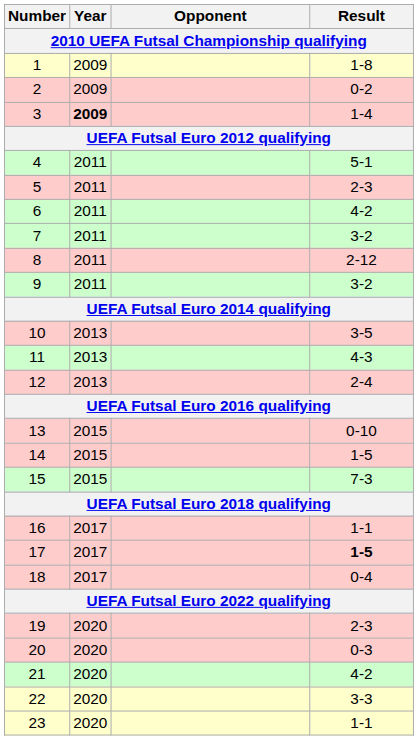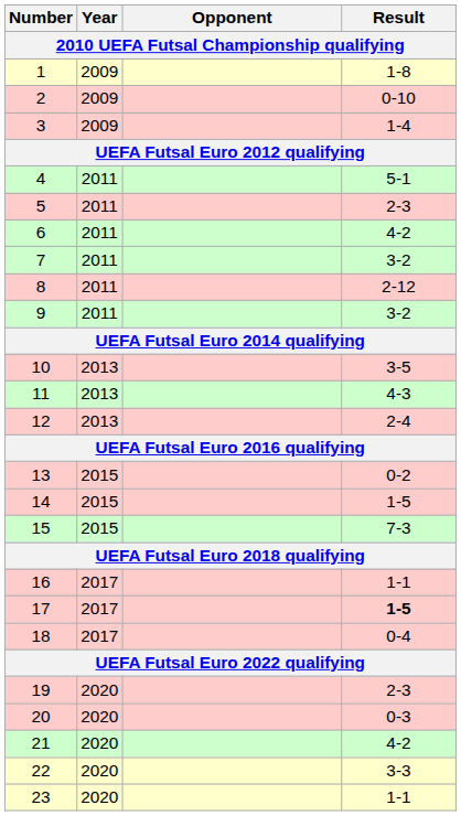 <table class="wikitable">
 <tr>
 <th width=30>Number</th>
 <th width=30>Year</th>
 <th width=200>Opponent</th>
 <th width=100>Result</th>
 </tr>
 <tr style="background:#9acdff;">
 <th colspan=4><a href='#'>2010 UEFA Futsal Championship qualifying</a></th>
 </tr>
 <tr bgcolor=#FFFFCC>
 <td align=center>1</td>
 <td align=center>2009</td>
 <td></td>
 <td align=center>1-8</td>
 </tr>
 <tr bgcolor=#FFCCCC>
 <td align=center>2</td>
 <td align=center>2009</td>
 <td></td>
-<td align=center>0-2</td>
+<td align=center>0-10</td>
 </tr>
 <tr bgcolor=#FFCCCC>
 <td align=center>3</td>
-<td align=center><strong>2009</strong></td>
+<td align=center>2009</td>
 <td></td>
 <td align=center>1-4</td>
 </tr>
 <tr style="background:#9acdff;">
 <th colspan=4><a href='#'>UEFA Futsal Euro 2012 qualifying</a></th>
 </tr>
 <tr bgcolor=#CCFFCC>
 <td align=center>4</td>
 <td align=center>2011</td>
 <td></td>
 <td align=center>5-1</td>
 </tr>
 <tr bgcolor=#FFCCCC>
 <td align=center>5</td>
 <td align=center>2011</td>
 <td></td>
 <td align=center>2-3</td>
 </tr>
 <tr bgcolor=#CCFFCC>
 <td align=center>6</td>
 <td align=center>2011</td>
 <td></td>
 <td align=center>4-2</td>
 </tr>
 <tr bgcolor=#CCFFCC>
 <td align=center>7</td>
 <td align=center>2011</td>
 <td></td>
 <td align=center>3-2</td>
 </tr>
 <tr bgcolor=#FFCCCC>
 <td align=center>8</td>
 <td align=center>2011</td>
 <td></td>
 <td align=center>2-12</td>
 </tr>
 <tr bgcolor=#CCFFCC>
 <td align=center>9</td>
 <td align=center>2011</td>
 <td></td>
 <td align=center>3-2</td>
 </tr>
 <tr style="background:#9acdff;">
 <th colspan=4><a href='#'>UEFA Futsal Euro 2014 qualifying</a></th>
 </tr>
 <tr bgcolor=#FFCCCC>
 <td align=center>10</td>
 <td align=center>2013</td>
 <td></td>
 <td align=center>3-5</td>
 </tr>
 <tr bgcolor=#CCFFCC>
 <td align=center>11</td>
 <td align=center>2013</td>
 <td></td>
 <td align=center>4-3</td>
 </tr>
 <tr bgcolor=#FFCCCC>
 <td align=center>12</td>
 <td align=center>2013</td>
 <td></td>
 <td align=center>2-4</td>
 </tr>
 <tr style="background:#9acdff;">
 <th colspan=4><a href='#'>UEFA Futsal Euro 2016 qualifying</a></th>
 </tr>
 <tr bgcolor=#FFCCCC>
 <td align=center>13</td>
 <td align=center>2015</td>
 <td></td>
-<td align=center>0-10</td>
+<td align=center>0-2</td>
 </tr>
 <tr bgcolor=#FFCCCC>
 <td align=center>14</td>
 <td align=center>2015</td>
 <td></td>
 <td align=center>1-5</td>
 </tr>
 <tr bgcolor=#CCFFCC>
 <td align=center>15</td>
 <td align=center>2015</td>
 <td></td>
 <td align=center>7-3</td>
 </tr>
 <tr style="background:#9acdff;">
 <th colspan=4><a href='#'>UEFA Futsal Euro 2018 qualifying</a></th>
 </tr>
 <tr bgcolor=#FFCCCC>
 <td align=center>16</td>
 <td align=center>2017</td>
 <td></td>
 <td align=center>1-1</td>
 </tr>
 <tr bgcolor=#FFCCCC>
 <td align=center>17</td>
 <td align=center>2017</td>
 <td></td>
 <td align=center><strong>1-5</strong></td>
 </tr>
 <tr bgcolor=#FFCCCC>
 <td align=center>18</td>
 <td align=center>2017</td>
 <td></td>
 <td align=center>0-4</td>
 </tr>
 <tr style="background:#9acdff;">
 <th colspan=4><a href='#'>UEFA Futsal Euro 2022 qualifying</a></th>
 </tr>
 <tr bgcolor=#FFCCCC>
 <td align=center>19</td>
 <td align=center>2020</td>
 <td></td>
 <td align=center>2-3</td>
 </tr>
 <tr bgcolor=#FFCCCC>
 <td align=center>20</td>
 <td align=center>2020</td>
 <td></td>
 <td align=center>0-3</td>
 </tr>
 <tr bgcolor=#CCFFCC>
 <td align=center>21</td>
 <td align=center>2020</td>
 <td></td>
 <td align=center>4-2</td>
 </tr>
 <tr bgcolor=#FFFFCC>
 <td align=center>22</td>
 <td align=center>2020</td>
 <td></td>
 <td align=center>3-3</td>
 </tr>
 <tr bgcolor=#FFFFCC>
 <td align=center>23</td>
 <td align=center>2020</td>
 <td></td>
 <td align=center>1-1</td>
 </tr>
 </table>
